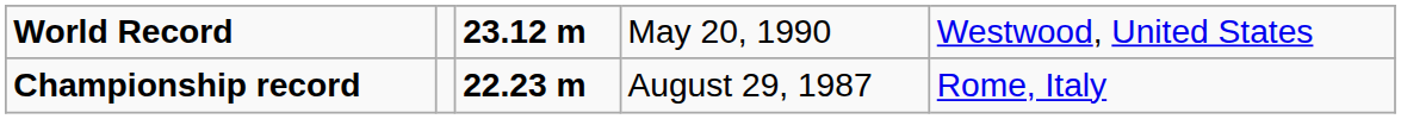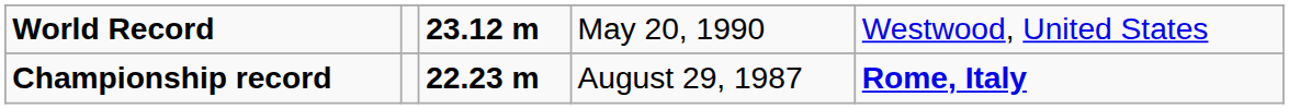 <table class="wikitable" width=75%>
 <tr>
 <td><strong>World Record</strong></td>
 <td></td>
 <td><strong>23.12 m </strong></td>
 <td>May 20, 1990</td>
 <td><a href='#'>Westwood</a>, <a href='#'>United States</a></td>
 </tr>
 <tr>
 <td><strong>Championship record</strong></td>
 <td></td>
 <td><strong>22.23 m </strong></td>
 <td>August 29, 1987</td>
-<td><a href='#'>Rome, Italy</a></td>
+<td><strong><a href='#'>Rome, Italy</a></strong></td>
 </tr>
 </table>
